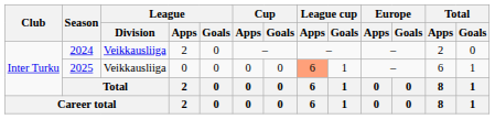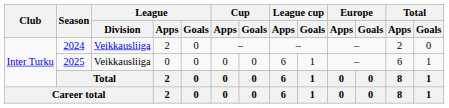 <table class="wikitable" style="text-align:center">
 <tr>
 <th rowspan="2">Club</th>
 <th rowspan="2">Season</th>
 <th colspan="3">League</th>
 <th colspan="2">Cup</th>
 <th colspan="2">League cup</th>
 <th colspan="2">Europe</th>
 <th colspan="2">Total</th>
 </tr>
 <tr>
 <th>Division</th>
 <th>Apps</th>
 <th>Goals</th>
 <th>Apps</th>
 <th>Goals</th>
 <th>Apps</th>
 <th>Goals</th>
 <th>Apps</th>
 <th>Goals</th>
 <th>Apps</th>
 <th>Goals</th>
 </tr>
 <tr>
 <td rowspan="3"><a href='#'>Inter Turku</a></td>
 <td><a href='#'>2024</a></td>
 <td><a href='#'>Veikkausliiga</a></td>
 <td>2</td>
 <td>0</td>
 <td colspan=2>–</td>
 <td colspan=2>–</td>
 <td colspan=2>–</td>
 <td>2</td>
 <td>0</td>
 </tr>
 <tr>
 <td><a href='#'>2025</a></td>
 <td>Veikkausliiga</td>
 <td>0</td>
 <td>0</td>
 <td>0</td>
 <td>0</td>
-<td style="background: lightsalmon;">6</td>
+<td>6</td>
 <td>1</td>
 <td colspan=2>–</td>
 <td>6</td>
 <td>1</td>
 </tr>
 <tr>
 <th colspan=2>Total</th>
 <th>2</th>
 <th>0</th>
 <th>0</th>
 <th>0</th>
 <th>6</th>
 <th>1</th>
 <th>0</th>
 <th>0</th>
 <th>8</th>
 <th>1</th>
 </tr>
 <tr>
 <th colspan="3">Career total</th>
 <th>2</th>
 <th>0</th>
 <th>0</th>
 <th>0</th>
 <th>6</th>
 <th>1</th>
 <th>0</th>
 <th>0</th>
 <th>8</th>
 <th>1</th>
 </tr>
 </table>
